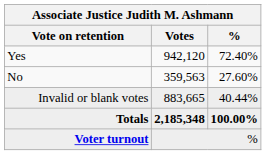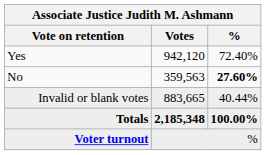 <table class="wikitable" style="font-size: 95%;">
 <tr style="background-color:#E9E9E9">
 <th colspan=7>Associate Justice Judith M. Ashmann</th>
 </tr>
 <tr style="background-color:#E9E9E9">
 <th style="width: 170px">Vote on retention</th>
 <th style="width: 50px">Votes</th>
 <th style="width: 40px">%</th>
 </tr>
 <tr>
 <td>Yes</td>
 <td align="right">942,120</td>
 <td align="right">72.40%</td>
 </tr>
 <tr>
 <td>No</td>
 <td align="right">359,563</td>
-<td align="right">27.60%</td>
+<td align="right"><strong>27.60%</strong></td>
 </tr>
 <tr bgcolor="#EEEEEE">
 <td align="right">Invalid or blank votes</td>
 <td align="right">883,665</td>
 <td align="right">40.44%</td>
 </tr>
 <tr bgcolor="#EEEEEE">
 <td align="right"><strong>Totals</strong></td>
 <td align="right"><strong>2,185,348</strong></td>
 <td align="right"><strong>100.00%</strong></td>
 </tr>
 <tr bgcolor="#EEEEEE">
 <td align="right"><strong><a href='#'>Voter turnout</a></strong></td>
 <td colspan="2" align="right">%</td>
 </tr>
 </table>
